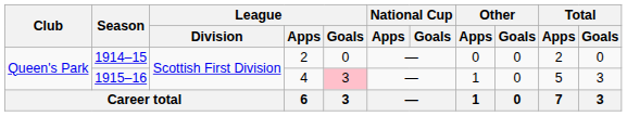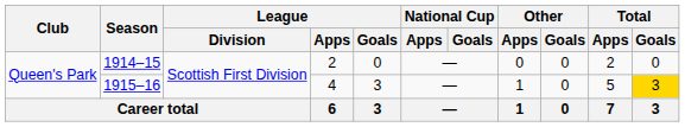 <table class="wikitable" style="text-align: center;">
 <tr>
 <th rowspan="2">Club</th>
 <th rowspan="2">Season</th>
 <th colspan="3">League</th>
 <th colspan="2">National Cup</th>
 <th colspan="2">Other</th>
 <th colspan="2">Total</th>
 </tr>
 <tr>
 <th>Division</th>
 <th>Apps</th>
 <th>Goals</th>
 <th>Apps</th>
 <th>Goals</th>
 <th>Apps</th>
 <th>Goals</th>
 <th>Apps</th>
 <th>Goals</th>
 </tr>
 <tr>
 <td rowspan="2"><a href='#'>Queen's Park</a></td>
 <td><a href='#'>1914–15</a></td>
 <td rowspan="2"><a href='#'>Scottish First Division</a></td>
 <td>2</td>
 <td>0</td>
 <td colspan="2">—</td>
 <td>0</td>
 <td>0</td>
 <td>2</td>
 <td>0</td>
 </tr>
 <tr>
 <td><a href='#'>1915–16</a></td>
 <td>4</td>
-<td style="background: pink;">3</td>
+<td>3</td>
 <td colspan="2">—</td>
 <td>1</td>
 <td>0</td>
 <td>5</td>
-<td>3</td>
+<td style="background: gold;">3</td>
 </tr>
 <tr>
 <th colspan="3">Career total</th>
 <th>6</th>
 <th>3</th>
 <th colspan="2">—</th>
 <th>1</th>
 <th>0</th>
 <th>7</th>
 <th>3</th>
 </tr>
 </table>
